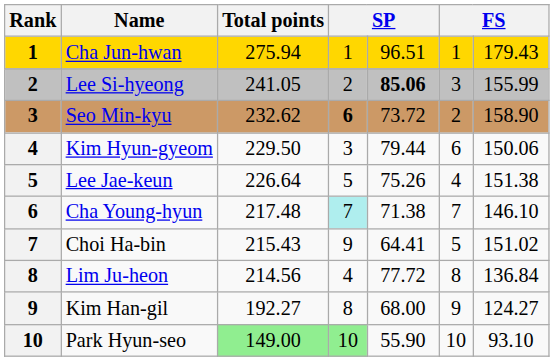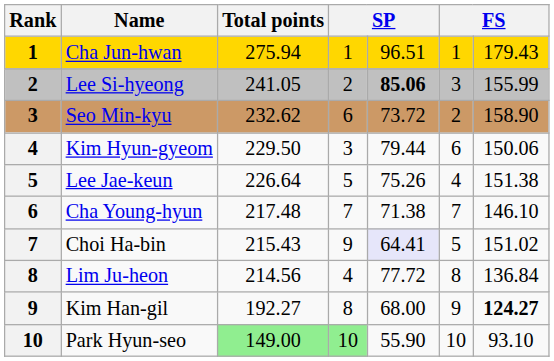 <table class="wikitable sortable">
 <tr>
 <th>Rank</th>
 <th>Name</th>
 <th>Total points</th>
 <th colspan="2" width="80px"><a href='#'>SP</a></th>
 <th colspan="2" width="80px"><a href='#'>FS</a></th>
 </tr>
 <tr bgcolor="gold">
 <td align="center"><strong>1</strong></td>
 <td><a href='#'>Cha Jun-hwan</a></td>
 <td align="center">275.94</td>
 <td align="center">1</td>
 <td align="center">96.51</td>
 <td align="center">1</td>
 <td align="center">179.43</td>
 </tr>
 <tr bgcolor="silver">
 <td align="center"><strong>2</strong></td>
 <td><a href='#'>Lee Si-hyeong</a></td>
 <td align="center">241.05</td>
 <td align="center">2</td>
 <td align="center"><strong>85.06</strong></td>
 <td align="center">3</td>
 <td align="center">155.99</td>
 </tr>
 <tr bgcolor="cc9966">
 <td align="center"><strong>3</strong></td>
 <td><a href='#'>Seo Min-kyu</a></td>
 <td align="center">232.62</td>
-<td align="center"><strong>6</strong></td>
+<td align="center">6</td>
 <td align="center">73.72</td>
 <td align="center">2</td>
 <td align="center">158.90</td>
 </tr>
 <tr>
 <th>4</th>
 <td><a href='#'>Kim Hyun-gyeom</a></td>
 <td align="center">229.50</td>
 <td align="center">3</td>
 <td align="center">79.44</td>
 <td align="center">6</td>
 <td align="center">150.06</td>
 </tr>
 <tr>
 <th>5</th>
 <td><a href='#'>Lee Jae-keun</a></td>
 <td align="center">226.64</td>
 <td align="center">5</td>
 <td align="center">75.26</td>
 <td align="center">4</td>
 <td align="center">151.38</td>
 </tr>
 <tr>
 <th>6</th>
 <td><a href='#'>Cha Young-hyun</a></td>
 <td align="center">217.48</td>
-<td align="center" style="background: paleturquoise;">7</td>
+<td align="center">7</td>
 <td align="center">71.38</td>
 <td align="center">7</td>
 <td align="center">146.10</td>
 </tr>
 <tr>
 <th>7</th>
 <td>Choi Ha-bin</td>
 <td align="center">215.43</td>
 <td align="center">9</td>
-<td align="center">64.41</td>
+<td align="center" style="background: lavender;">64.41</td>
 <td align="center">5</td>
 <td align="center">151.02</td>
 </tr>
 <tr>
 <th>8</th>
 <td><a href='#'>Lim Ju-heon</a></td>
 <td align="center">214.56</td>
 <td align="center">4</td>
 <td align="center">77.72</td>
 <td align="center">8</td>
 <td align="center">136.84</td>
 </tr>
 <tr>
 <th>9</th>
 <td>Kim Han-gil</td>
 <td align="center">192.27</td>
 <td align="center">8</td>
 <td align="center">68.00</td>
 <td align="center">9</td>
-<td align="center">124.27</td>
+<td align="center"><strong>124.27</strong></td>
 </tr>
 <tr>
 <th>10</th>
 <td>Park Hyun-seo</td>
 <td align="center" style="background: lightgreen;">149.00</td>
 <td align="center" style="background: lightgreen;">10</td>
 <td align="center">55.90</td>
 <td align="center">10</td>
 <td align="center">93.10</td>
 </tr>
 </table>
